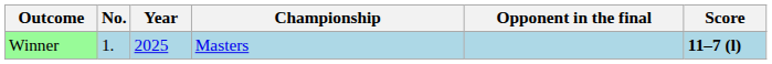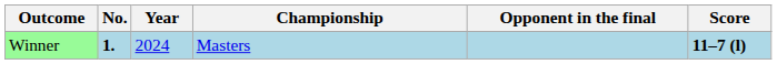 <table class="sortable wikitable">
 <tr>
 <th width="80">Outcome</th>
 <th width="20">No.</th>
 <th width="50">Year</th>
 <th style="width:250px;">Championship</th>
 <th style="width:200px;">Opponent in the final</th>
 <th width="70">Score</th>
 </tr>
 <tr>
 </tr>
 <tr style="background:lightblue">
 <td style="background:#98FB98">Winner</td>
-<td>1.</td>
-<td><a href='#'>2025</a></td>
+<td><strong>1.</strong></td>
+<td><a href='#'>2024</a></td>
 <td><a href='#'>Masters</a></td>
 <td></td>
 <td><strong>11–7 (l)</strong></td>
 </tr>
 </table>
